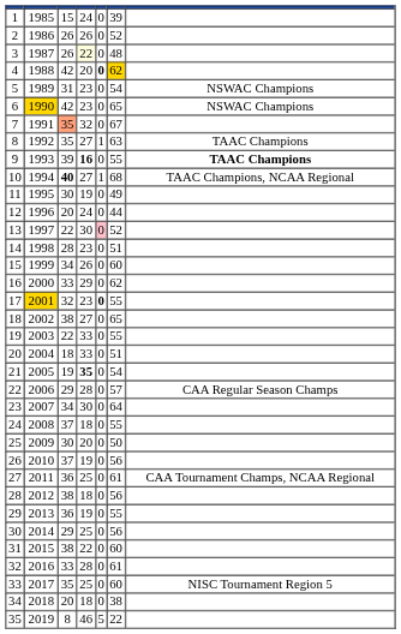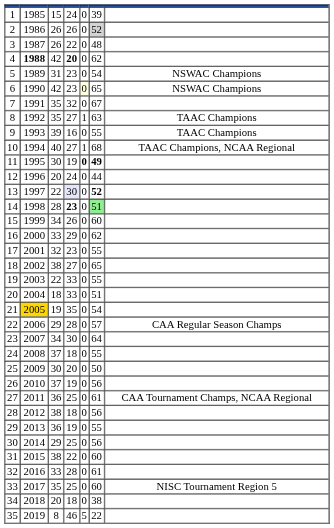 <table cellpadding="1" border="1" cellspacing="0" width="55%">
 <tr>
 <th bgcolor="#0039A6"></th>
 <th bgcolor="#0039A6"></th>
 <th bgcolor="#0039A6"></th>
 <th bgcolor="#0039A6"></th>
 <th bgcolor="#0039A6"></th>
 <th bgcolor="#0039A6"></th>
 <th bgcolor="#0039A6"></th>
 </tr>
 <tr align="center" valign="top">
 <td>1</td>
 <td>1985</td>
 <td>15</td>
 <td>24</td>
 <td>0</td>
 <td>39</td>
 <td></td>
 </tr>
 <tr align="center" valign="top">
 <td>2</td>
 <td>1986</td>
 <td>26</td>
 <td>26</td>
 <td>0</td>
-<td>52</td>
+<td style="background: lightgrey;">52</td>
 <td></td>
 </tr>
 <tr align="center" valign="top">
 <td>3</td>
 <td>1987</td>
 <td>26</td>
-<td style="background: lightyellow;">22</td>
+<td>22</td>
 <td>0</td>
 <td>48</td>
 <td></td>
 </tr>
 <tr align="center" valign="top">
 <td>4</td>
-<td>1988</td>
+<td><strong>1988</strong></td>
 <td>42</td>
-<td>20</td>
-<td><strong>0</strong></td>
-<td style="background: gold;">62</td>
+<td><strong>20</strong></td>
+<td>0</td>
+<td>62</td>
 <td></td>
 </tr>
 <tr align="center" valign="top">
 <td>5</td>
 <td>1989</td>
 <td>31</td>
 <td>23</td>
 <td>0</td>
 <td>54</td>
 <td>NSWAC Champions</td>
 </tr>
 <tr align="center" valign="top">
 <td>6</td>
-<td style="background: gold;">1990</td>
+<td>1990</td>
 <td>42</td>
 <td>23</td>
-<td>0</td>
+<td style="background: lightyellow;">0</td>
 <td>65</td>
 <td>NSWAC Champions</td>
 </tr>
 <tr align="center" valign="top">
 <td>7</td>
 <td>1991</td>
-<td style="background: lightsalmon;">35</td>
+<td>35</td>
 <td>32</td>
 <td>0</td>
 <td>67</td>
 <td></td>
 </tr>
 <tr align="center" valign="top">
 <td>8</td>
 <td>1992</td>
 <td>35</td>
 <td>27</td>
 <td>1</td>
 <td>63</td>
 <td>TAAC Champions</td>
 </tr>
 <tr align="center" valign="top">
 <td>9</td>
 <td>1993</td>
 <td>39</td>
-<td><strong>16</strong></td>
+<td>16</td>
 <td>0</td>
 <td>55</td>
-<td><strong>TAAC Champions</strong></td>
+<td>TAAC Champions</td>
 </tr>
 <tr align="center" valign="top">
 <td>10</td>
 <td>1994</td>
-<td><strong>40</strong></td>
+<td>40</td>
 <td>27</td>
 <td>1</td>
 <td>68</td>
 <td>TAAC Champions, NCAA Regional</td>
 </tr>
 <tr align="center" valign="top">
 <td>11</td>
 <td>1995</td>
 <td>30</td>
 <td>19</td>
-<td>0</td>
-<td>49</td>
+<td><strong>0</strong></td>
+<td><strong>49</strong></td>
 <td></td>
 </tr>
 <tr align="center" valign="top">
 <td>12</td>
 <td>1996</td>
 <td>20</td>
 <td>24</td>
 <td>0</td>
 <td>44</td>
 <td></td>
 </tr>
 <tr align="center" valign="top">
 <td>13</td>
 <td>1997</td>
 <td>22</td>
-<td>30</td>
-<td style="background: pink;">0</td>
-<td>52</td>
+<td style="background: lavender;">30</td>
+<td>0</td>
+<td><strong>52</strong></td>
 <td></td>
 </tr>
 <tr align="center" valign="top">
 <td>14</td>
 <td>1998</td>
 <td>28</td>
-<td>23</td>
+<td><strong>23</strong></td>
 <td>0</td>
-<td>51</td>
+<td style="background: lightgreen;">51</td>
 <td></td>
 </tr>
 <tr align="center" valign="top">
 <td>15</td>
 <td>1999</td>
 <td>34</td>
 <td>26</td>
 <td>0</td>
 <td>60</td>
 <td></td>
 </tr>
 <tr align="center" valign="top">
 <td>16</td>
 <td>2000</td>
 <td>33</td>
 <td>29</td>
 <td>0</td>
 <td>62</td>
 <td></td>
 </tr>
 <tr align="center" valign="top">
 <td>17</td>
-<td style="background: gold;">2001</td>
+<td>2001</td>
 <td>32</td>
 <td>23</td>
-<td><strong>0</strong></td>
+<td>0</td>
 <td>55</td>
 <td></td>
 </tr>
 <tr align="center" valign="top">
 <td>18</td>
 <td>2002</td>
 <td>38</td>
 <td>27</td>
 <td>0</td>
 <td>65</td>
 <td></td>
 </tr>
 <tr align="center" valign="top">
 <td>19</td>
 <td>2003</td>
 <td>22</td>
 <td>33</td>
 <td>0</td>
 <td>55</td>
 <td></td>
 </tr>
 <tr align="center" valign="top">
 <td>20</td>
 <td>2004</td>
 <td>18</td>
 <td>33</td>
 <td>0</td>
 <td>51</td>
 <td></td>
 </tr>
 <tr align="center" valign="top">
 <td>21</td>
-<td>2005</td>
+<td style="background: gold;">2005</td>
 <td>19</td>
-<td><strong>35</strong></td>
+<td>35</td>
 <td>0</td>
 <td>54</td>
 <td></td>
 </tr>
 <tr align="center" valign="top">
 <td>22</td>
 <td>2006</td>
 <td>29</td>
 <td>28</td>
 <td>0</td>
 <td>57</td>
 <td>CAA Regular Season Champs</td>
 </tr>
 <tr align="center" valign="top">
 <td>23</td>
 <td>2007</td>
 <td>34</td>
 <td>30</td>
 <td>0</td>
 <td>64</td>
 <td></td>
 </tr>
 <tr align="center" valign="top">
 <td>24</td>
 <td>2008</td>
 <td>37</td>
 <td>18</td>
 <td>0</td>
 <td>55</td>
 <td></td>
 </tr>
 <tr align="center" valign="top">
 <td>25</td>
 <td>2009</td>
 <td>30</td>
 <td>20</td>
 <td>0</td>
 <td>50</td>
 <td></td>
 </tr>
 <tr align="center" valign="top">
 <td>26</td>
 <td>2010</td>
 <td>37</td>
 <td>19</td>
 <td>0</td>
 <td>56</td>
 <td></td>
 </tr>
 <tr align="center" valign="top">
 <td>27</td>
 <td>2011</td>
 <td>36</td>
 <td>25</td>
 <td>0</td>
 <td>61</td>
 <td>CAA Tournament Champs, NCAA Regional</td>
 </tr>
 <tr align="center" valign="top">
 <td>28</td>
 <td>2012</td>
 <td>38</td>
 <td>18</td>
 <td>0</td>
 <td>56</td>
 <td></td>
 </tr>
 <tr align="center" valign="top">
 <td>29</td>
 <td>2013</td>
 <td>36</td>
 <td>19</td>
 <td>0</td>
 <td>55</td>
 <td></td>
 </tr>
 <tr align="center" valign="top">
 <td>30</td>
 <td>2014</td>
 <td>29</td>
 <td>25</td>
 <td>0</td>
 <td>56</td>
 <td></td>
 </tr>
 <tr align="center" valign="top">
 <td>31</td>
 <td>2015</td>
 <td>38</td>
 <td>22</td>
 <td>0</td>
 <td>60</td>
 <td></td>
 </tr>
 <tr align="center" valign="top">
 <td>32</td>
 <td>2016</td>
 <td>33</td>
 <td>28</td>
 <td>0</td>
 <td>61</td>
 <td></td>
 </tr>
 <tr align="center" valign="top">
 <td>33</td>
 <td>2017</td>
 <td>35</td>
 <td>25</td>
 <td>0</td>
 <td>60</td>
 <td>NISC Tournament Region 5</td>
 </tr>
 <tr align="center" valign="top">
 <td>34</td>
 <td>2018</td>
 <td>20</td>
 <td>18</td>
 <td>0</td>
 <td>38</td>
 <td></td>
 </tr>
 <tr align="center" valign="top">
 <td>35</td>
 <td>2019</td>
 <td>8</td>
 <td>46</td>
 <td>5</td>
 <td>22</td>
 <td></td>
 </tr>
 </table>
